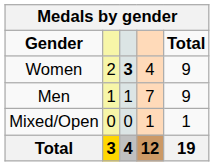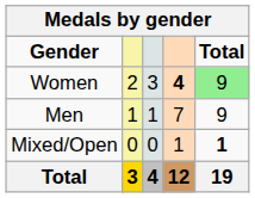 <table class="wikitable" style="font-size:85%; float:right">
 <tr align=center>
 <th colspan=5>Medals by gender</th>
 </tr>
 <tr align=center>
 <td><strong>Gender</strong></td>
 <td bgcolor=#f7f6a8></td>
 <td bgcolor=#dce5e5></td>
 <td bgcolor=#ffdab9></td>
 <td><strong>Total</strong></td>
 </tr>
 <tr align=center>
 <td>Women</td>
 <td bgcolor=#f7f6a8>2</td>
-<td bgcolor=#dce5e5><strong>3</strong></td>
-<td bgcolor=#ffdab9>4</td>
-<td>9</td>
+<td bgcolor=#dce5e5>3</td>
+<td bgcolor=#ffdab9><strong>4</strong></td>
+<td style="background: lightgreen;">9</td>
 </tr>
 <tr align=center>
 <td>Men</td>
 <td bgcolor=#f7f6a8>1</td>
 <td bgcolor=#dce5e5>1</td>
 <td bgcolor=#ffdab9>7</td>
 <td>9</td>
 </tr>
 <tr align=center>
 <td>Mixed/Open</td>
 <td bgcolor=#f7f6a8>0</td>
 <td bgcolor=#dce5e5>0</td>
 <td bgcolor=#ffdab9>1</td>
-<td>1</td>
+<td><strong>1</strong></td>
 </tr>
 <tr>
 <th>Total</th>
 <th style=background:gold>3</th>
 <th style=background:silver>4</th>
 <th style=background:#c96>12</th>
 <th>19</th>
 </tr>
 </table>
